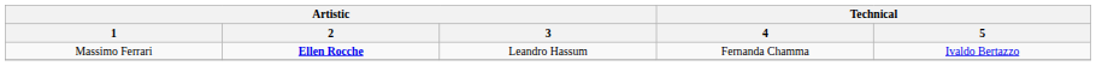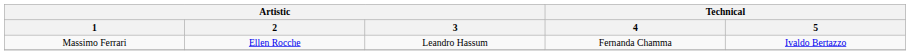 <table class="wikitable" style="font-size:90%; line-height:16px; text-align:center" width="85%">
 <tr>
 <th colspan=3>Artistic</th>
 <th colspan=2>Technical</th>
 </tr>
 <tr>
 <th>1</th>
 <th>2</th>
 <th>3</th>
 <th>4</th>
 <th>5</th>
 </tr>
 <tr>
 <td width=150>Massimo Ferrari</td>
-<td width=150><strong><a href='#'>Ellen Rocche</a></strong></td>
+<td width=150><a href='#'>Ellen Rocche</a></td>
 <td width=150>Leandro Hassum</td>
 <td width=150>Fernanda Chamma</td>
 <td width=150><a href='#'>Ivaldo Bertazzo</a></td>
 </tr>
 <tr>
 </tr>
 </table>
